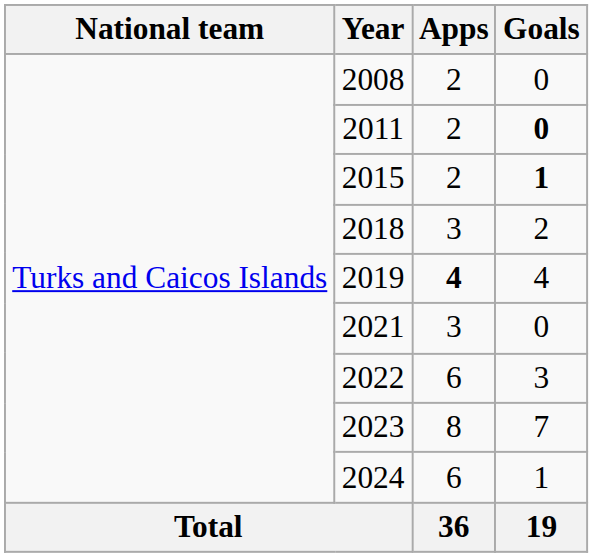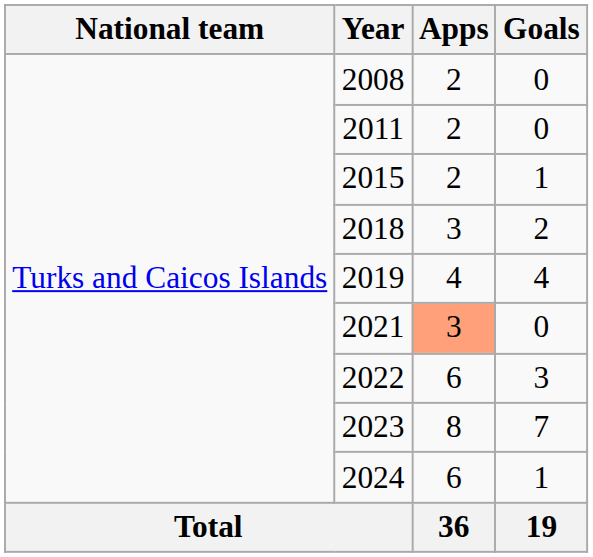 <table class=wikitable style="text-align: center">
 <tr>
 <th>National team</th>
 <th>Year</th>
 <th>Apps</th>
 <th>Goals</th>
 </tr>
 <tr>
 <td rowspan="9"><a href='#'>Turks and Caicos Islands</a></td>
 <td>2008</td>
 <td>2</td>
 <td>0</td>
 </tr>
 <tr>
 <td>2011</td>
 <td>2</td>
-<td><strong>0</strong></td>
+<td>0</td>
 </tr>
 <tr>
 <td>2015</td>
 <td>2</td>
-<td><strong>1</strong></td>
+<td>1</td>
 </tr>
 <tr>
 <td>2018</td>
 <td>3</td>
 <td>2</td>
 </tr>
 <tr>
 <td>2019</td>
-<td><strong>4</strong></td>
+<td>4</td>
 <td>4</td>
 </tr>
 <tr>
 <td>2021</td>
-<td>3</td>
+<td style="background: lightsalmon;">3</td>
 <td>0</td>
 </tr>
 <tr>
 <td>2022</td>
 <td>6</td>
 <td>3</td>
 </tr>
 <tr>
 <td>2023</td>
 <td>8</td>
 <td>7</td>
 </tr>
 <tr>
 <td>2024</td>
 <td>6</td>
 <td>1</td>
 </tr>
 <tr>
 <th colspan="2">Total</th>
 <th>36</th>
 <th>19</th>
 </tr>
 </table>
